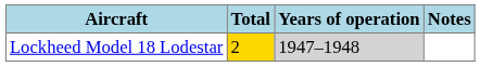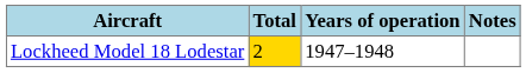 <table class="toccolours sortable" border="1" cellpadding="3" style="margin: 1em auto; border-collapse: collapse;">
 <tr bgcolor=lightblue>
 <th>Aircraft</th>
 <th>Total</th>
 <th>Years of operation</th>
 <th>Notes</th>
 </tr>
 <tr>
 <td><a href='#'>Lockheed Model 18 Lodestar</a></td>
 <td style="background: gold;">2</td>
-<td style="background: lightgrey;">1947–1948</td>
+<td>1947–1948</td>
 <td></td>
 </tr>
 <tr>
 </tr>
 </table>
